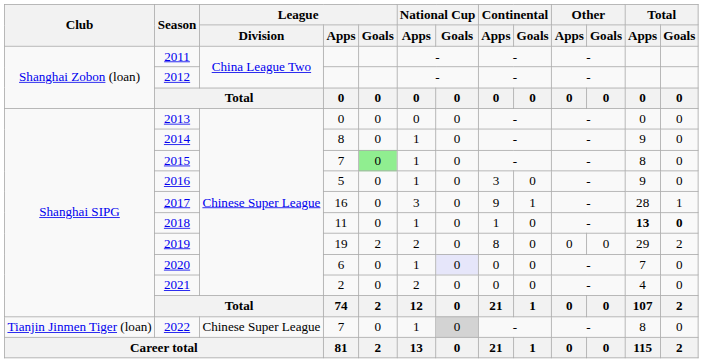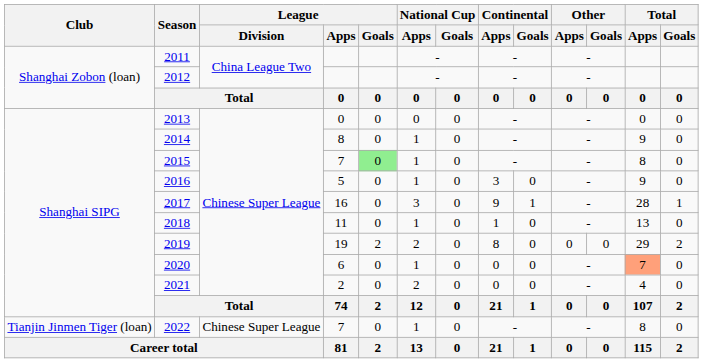 <table class="wikitable" style="text-align: center">
 <tr>
 <th rowspan="2">Club</th>
 <th rowspan="2">Season</th>
 <th colspan="3">League</th>
 <th colspan="2">National Cup</th>
 <th colspan="2">Continental</th>
 <th colspan="2">Other</th>
 <th colspan="2">Total</th>
 </tr>
 <tr>
 <th>Division</th>
 <th>Apps</th>
 <th>Goals</th>
 <th>Apps</th>
 <th>Goals</th>
 <th>Apps</th>
 <th>Goals</th>
 <th>Apps</th>
 <th>Goals</th>
 <th>Apps</th>
 <th>Goals</th>
 </tr>
 <tr>
 <td rowspan=3><a href='#'>Shanghai Zobon</a> (loan)</td>
 <td><a href='#'>2011</a></td>
 <td rowspan="2"><a href='#'>China League Two</a></td>
 <td></td>
 <td></td>
 <td colspan="2">-</td>
 <td colspan="2">-</td>
 <td colspan="2">-</td>
 <td></td>
 <td></td>
 </tr>
 <tr>
 <td><a href='#'>2012</a></td>
 <td></td>
 <td></td>
 <td colspan="2">-</td>
 <td colspan="2">-</td>
 <td colspan="2">-</td>
 <td></td>
 <td></td>
 </tr>
 <tr>
 <th colspan=2>Total</th>
 <th>0</th>
 <th>0</th>
 <th>0</th>
 <th>0</th>
 <th>0</th>
 <th>0</th>
 <th>0</th>
 <th>0</th>
 <th>0</th>
 <th>0</th>
 </tr>
 <tr>
 <td rowspan=10><a href='#'>Shanghai SIPG</a></td>
 <td><a href='#'>2013</a></td>
 <td rowspan=9><a href='#'>Chinese Super League</a></td>
 <td>0</td>
 <td>0</td>
 <td>0</td>
 <td>0</td>
 <td colspan="2">-</td>
 <td colspan="2">-</td>
 <td>0</td>
 <td>0</td>
 </tr>
 <tr>
 <td><a href='#'>2014</a></td>
 <td>8</td>
 <td>0</td>
 <td>1</td>
 <td>0</td>
 <td colspan="2">-</td>
 <td colspan="2">-</td>
 <td>9</td>
 <td>0</td>
 </tr>
 <tr>
 <td><a href='#'>2015</a></td>
 <td>7</td>
 <td style="background: lightgreen;">0</td>
 <td>1</td>
 <td>0</td>
 <td colspan="2">-</td>
 <td colspan="2">-</td>
 <td>8</td>
 <td>0</td>
 </tr>
 <tr>
 <td><a href='#'>2016</a></td>
 <td>5</td>
 <td>0</td>
 <td>1</td>
 <td>0</td>
 <td>3</td>
 <td>0</td>
 <td colspan="2">-</td>
 <td>9</td>
 <td>0</td>
 </tr>
 <tr>
 <td><a href='#'>2017</a></td>
 <td>16</td>
 <td>0</td>
 <td>3</td>
 <td>0</td>
 <td>9</td>
 <td>1</td>
 <td colspan="2">-</td>
 <td>28</td>
 <td>1</td>
 </tr>
 <tr>
 <td><a href='#'>2018</a></td>
 <td>11</td>
 <td>0</td>
 <td>1</td>
 <td>0</td>
 <td>1</td>
 <td>0</td>
 <td colspan="2">-</td>
-<td><strong>13</strong></td>
-<td><strong>0</strong></td>
+<td>13</td>
+<td>0</td>
 </tr>
 <tr>
 <td><a href='#'>2019</a></td>
 <td>19</td>
 <td>2</td>
 <td>2</td>
 <td>0</td>
 <td>8</td>
 <td>0</td>
 <td>0</td>
 <td>0</td>
 <td>29</td>
 <td>2</td>
 </tr>
 <tr>
 <td><a href='#'>2020</a></td>
 <td>6</td>
 <td>0</td>
 <td>1</td>
-<td style="background: lavender;">0</td>
+<td>0</td>
 <td>0</td>
 <td>0</td>
 <td colspan="2">-</td>
-<td>7</td>
+<td style="background: lightsalmon;">7</td>
 <td>0</td>
 </tr>
 <tr>
 <td><a href='#'>2021</a></td>
 <td>2</td>
 <td>0</td>
 <td>2</td>
 <td>0</td>
 <td>0</td>
 <td>0</td>
 <td colspan="2">-</td>
 <td>4</td>
 <td>0</td>
 </tr>
 <tr>
 <th colspan=2>Total</th>
 <th>74</th>
 <th>2</th>
 <th>12</th>
 <th>0</th>
 <th>21</th>
 <th>1</th>
 <th>0</th>
 <th>0</th>
 <th>107</th>
 <th>2</th>
 </tr>
 <tr>
 <td><a href='#'>Tianjin Jinmen Tiger</a> (loan)</td>
 <td><a href='#'>2022</a></td>
 <td>Chinese Super League</td>
 <td>7</td>
 <td>0</td>
 <td>1</td>
-<td style="background: lightgrey;">0</td>
+<td>0</td>
 <td colspan="2">-</td>
 <td colspan="2">-</td>
 <td>8</td>
 <td>0</td>
 </tr>
 <tr>
 <th colspan=3>Career total</th>
 <th>81</th>
 <th>2</th>
 <th>13</th>
 <th>0</th>
 <th>21</th>
 <th>1</th>
 <th>0</th>
 <th>0</th>
 <th>115</th>
 <th>2</th>
 </tr>
 </table>
